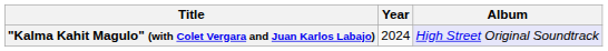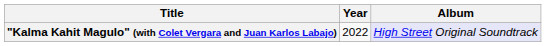 <table class="wikitable plainrowheaders" style="text-align:center;">
 <tr>
 <th scope="col">Title</th>
 <th scope="col">Year</th>
 <th scope="col">Album</th>
 </tr>
 <tr>
 <th scope="row">"Kalma Kahit Magulo" <small>(with <a href='#'>Colet Vergara</a> and <a href='#'>Juan Karlos Labajo</a>)</small></th>
-<td>2024</td>
+<td>2022</td>
 <td style="background: lavender;"><em><a href='#'>High Street</a></em> <em>Original Soundtrack</em></td>
 </tr>
 </table>
